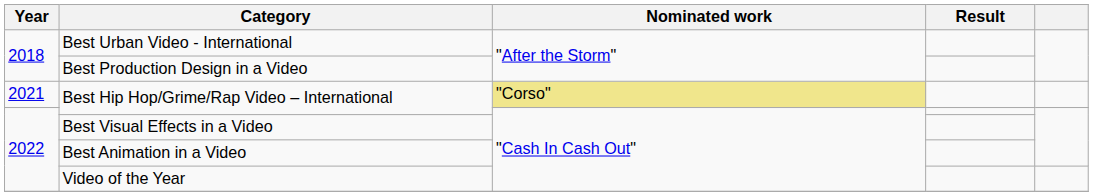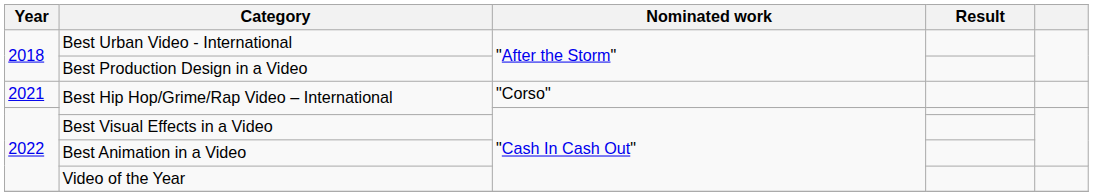 <table class="wikitable" style="width:85%;">
 <tr>
 <th width=5%>Year</th>
 <th style="width:40%;">Category</th>
 <th style="width:40%;">Nominated work</th>
 <th style="width:10%;">Result</th>
 <th width=5%></th>
 </tr>
 <tr>
 <td rowspan="2"><a href='#'>2018</a></td>
 <td>Best Urban Video - International</td>
 <td rowspan="2">"<a href='#'>After the Storm</a>" </td>
 <td></td>
 <td rowspan="2"></td>
 </tr>
 <tr>
 <td>Best Production Design in a Video</td>
 <td></td>
 </tr>
 <tr>
 <td><a href='#'>2021</a></td>
 <td rowspan="2">Best Hip Hop/Grime/Rap Video – International</td>
-<td style="background: khaki;">"Corso"</td>
+<td>"Corso"</td>
 <td></td>
 <td></td>
 </tr>
 <tr>
 <td rowspan="4"><a href='#'>2022</a></td>
 <td rowspan="4">"<a href='#'>Cash In Cash Out</a>" </td>
 <td></td>
 <td rowspan="3"></td>
 </tr>
 <tr>
 <td>Best Visual Effects in a Video</td>
 <td></td>
 </tr>
 <tr>
 <td>Best Animation in a Video</td>
 <td></td>
 </tr>
 <tr>
 <td>Video of the Year</td>
 <td></td>
 <td></td>
 </tr>
 <tr>
 </tr>
 </table>
